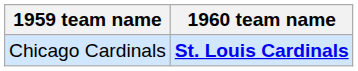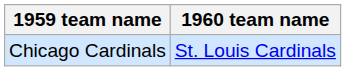 <table class="wikitable">
 <tr>
 <th>1959 team name</th>
 <th>1960 team name</th>
 </tr>
 <tr>
 <td style="background-color: #D0E7FF;">Chicago Cardinals</td>
-<td style="background-color: #D0E7FF;"><strong><a href='#'>St. Louis Cardinals</a></strong></td>
+<td style="background-color: #D0E7FF;"><a href='#'>St. Louis Cardinals</a></td>
 </tr>
 </table>
